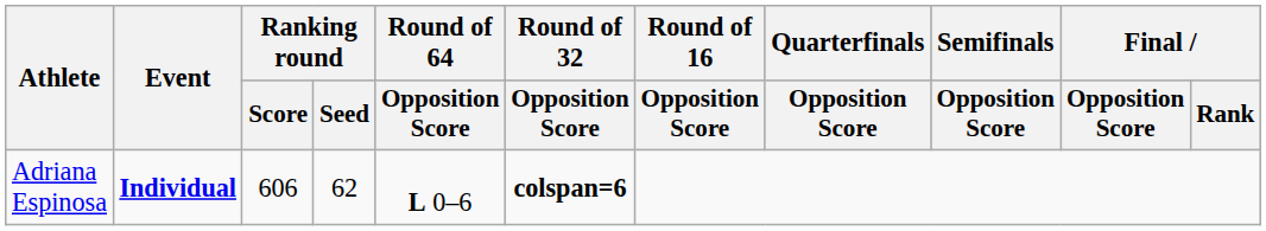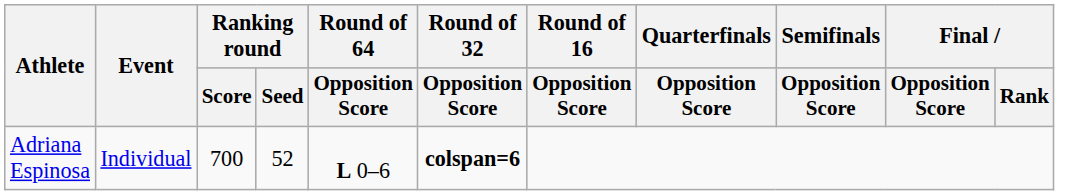 <table class=wikitable style=font-size:90%;text-align:center>
 <tr>
 <th rowspan=2>Athlete</th>
 <th rowspan=2>Event</th>
 <th colspan=2>Ranking round</th>
 <th>Round of 64</th>
 <th>Round of 32</th>
 <th>Round of 16</th>
 <th>Quarterfinals</th>
 <th>Semifinals</th>
 <th colspan=2>Final / </th>
 </tr>
 <tr style=font-size:95%>
 <th>Score</th>
 <th>Seed</th>
 <th>Opposition<br>Score</th>
 <th>Opposition<br>Score</th>
 <th>Opposition<br>Score</th>
 <th>Opposition<br>Score</th>
 <th>Opposition<br>Score</th>
 <th>Opposition<br>Score</th>
 <th>Rank</th>
 </tr>
 <tr>
 <td align=left><a href='#'>Adriana Espinosa</a></td>
-<td align=left><strong><a href='#'>Individual</a></strong></td>
-<td>606</td>
-<td>62</td>
+<td align=left><a href='#'>Individual</a></td>
+<td>700</td>
+<td>52</td>
 <td><br><strong>L</strong> 0–6</td>
 <td><strong>colspan=6 </strong></td>
 </tr>
 </table>
